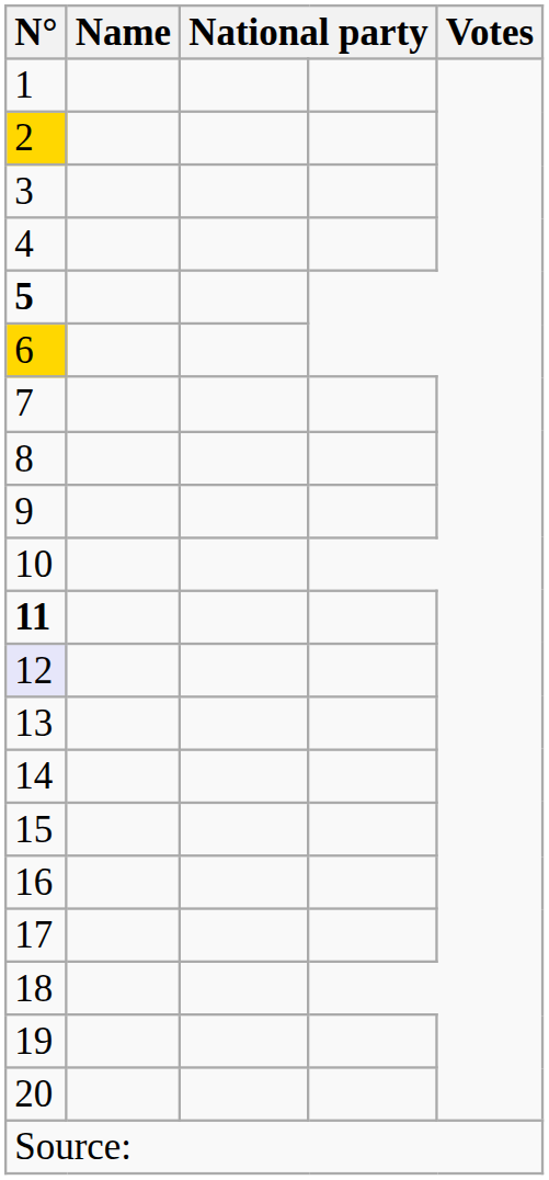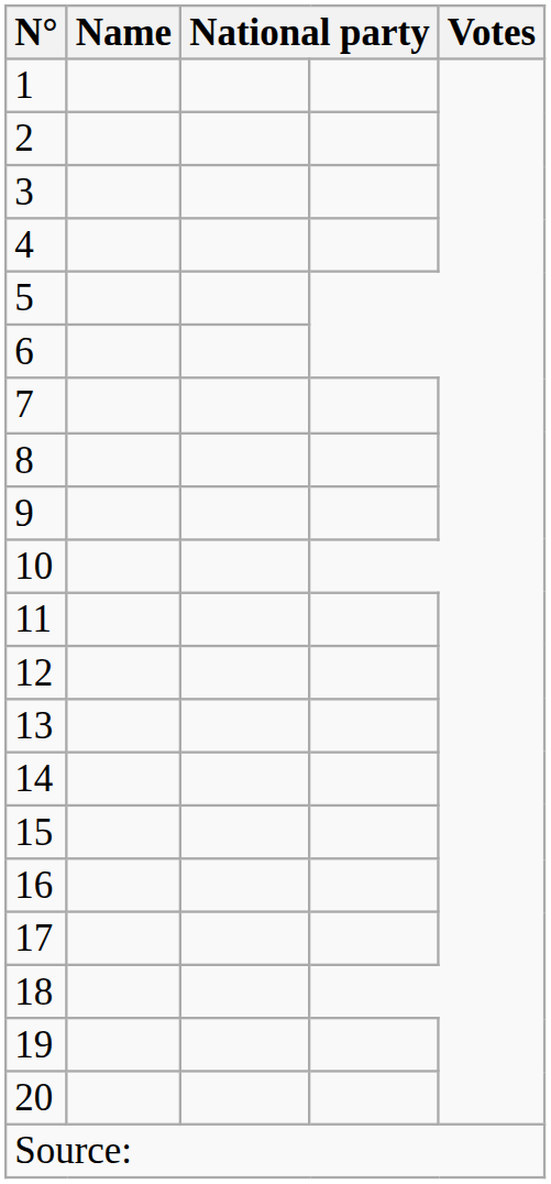 <table class="wikitable sortable" style="font-size:95%;line-height:14px;">
 <tr>
 <th>N°</th>
 <th>Name</th>
 <th colspan="2">National party</th>
 <th>Votes</th>
 </tr>
 <tr>
 <td>1</td>
 <td></td>
 <td></td>
 <td></td>
 </tr>
 <tr>
-<td style="background: gold;">2</td>
+<td>2</td>
 <td></td>
 <td></td>
 <td></td>
 </tr>
 <tr>
 <td>3</td>
 <td></td>
 <td></td>
 <td></td>
 </tr>
 <tr>
 <td>4</td>
 <td></td>
 <td></td>
 <td></td>
 </tr>
 <tr>
-<td><strong>5</strong></td>
+<td>5</td>
 <td></td>
 <td></td>
 </tr>
 <tr>
-<td style="background: gold;">6</td>
+<td>6</td>
 <td></td>
 <td></td>
 </tr>
 <tr>
 <td>7</td>
 <td></td>
 <td></td>
 <td></td>
 </tr>
 <tr>
 <td>8</td>
 <td></td>
 <td></td>
 <td></td>
 </tr>
 <tr>
 <td>9</td>
 <td></td>
 <td></td>
 <td></td>
 </tr>
 <tr>
 <td>10</td>
 <td></td>
 <td></td>
 </tr>
 <tr>
-<td><strong>11</strong></td>
+<td>11</td>
 <td></td>
 <td></td>
 <td></td>
 </tr>
 <tr>
-<td style="background: lavender;">12</td>
+<td>12</td>
 <td></td>
 <td></td>
 <td></td>
 </tr>
 <tr>
 <td>13</td>
 <td></td>
 <td></td>
 <td></td>
 </tr>
 <tr>
 <td>14</td>
 <td></td>
 <td></td>
 <td></td>
 </tr>
 <tr>
 <td>15</td>
 <td></td>
 <td></td>
 <td></td>
 </tr>
 <tr>
 <td>16</td>
 <td></td>
 <td></td>
 <td></td>
 </tr>
 <tr>
 <td>17</td>
 <td></td>
 <td></td>
 <td></td>
 </tr>
 <tr>
 <td>18</td>
 <td></td>
 <td></td>
 </tr>
 <tr>
 <td>19</td>
 <td></td>
 <td></td>
 <td></td>
 </tr>
 <tr>
 <td>20</td>
 <td></td>
 <td></td>
 <td></td>
 </tr>
 <tr>
 <td colspan="5">Source: </td>
 </tr>
 </table>
